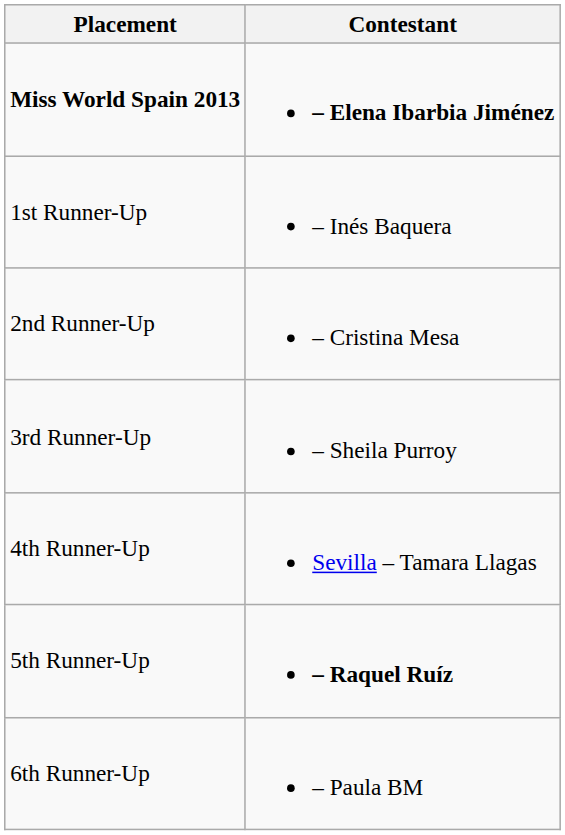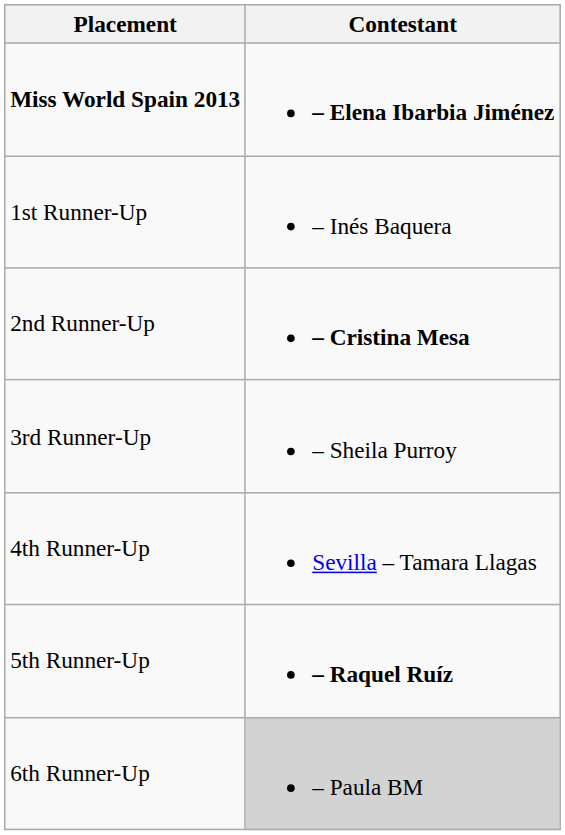 <table class="wikitable sortable" style="font-size: 95%;">
 <tr>
 <th>Placement</th>
 <th>Contestant</th>
 </tr>
 <tr>
 <td><strong>Miss World Spain 2013</strong></td>
 <td><br><ul><li><strong> – Elena Ibarbia Jiménez</strong></li></ul></td>
 </tr>
 <tr>
 <td>1st Runner-Up</td>
 <td><br><ul><li> – Inés Baquera</li></ul></td>
 </tr>
 <tr>
 <td>2nd Runner-Up</td>
-<td><br><ul><li> – Cristina Mesa</li></ul></td>
+<td><strong><br><ul><li> – Cristina Mesa</li></ul></strong></td>
 </tr>
 <tr>
 <td>3rd Runner-Up</td>
 <td><br><ul><li> – Sheila Purroy</li></ul></td>
 </tr>
 <tr>
 <td>4th Runner-Up</td>
 <td><br><ul><li> <a href='#'>Sevilla</a> – Tamara Llagas</li></ul></td>
 </tr>
 <tr>
 <td>5th Runner-Up</td>
 <td><strong><br><ul><li> – Raquel Ruíz</li></ul></strong></td>
 </tr>
 <tr>
 <td>6th Runner-Up</td>
-<td><br><ul><li> – Paula BM</li></ul></td>
+<td style="background: lightgrey;"><br><ul><li> – Paula BM</li></ul></td>
 </tr>
 </table>
